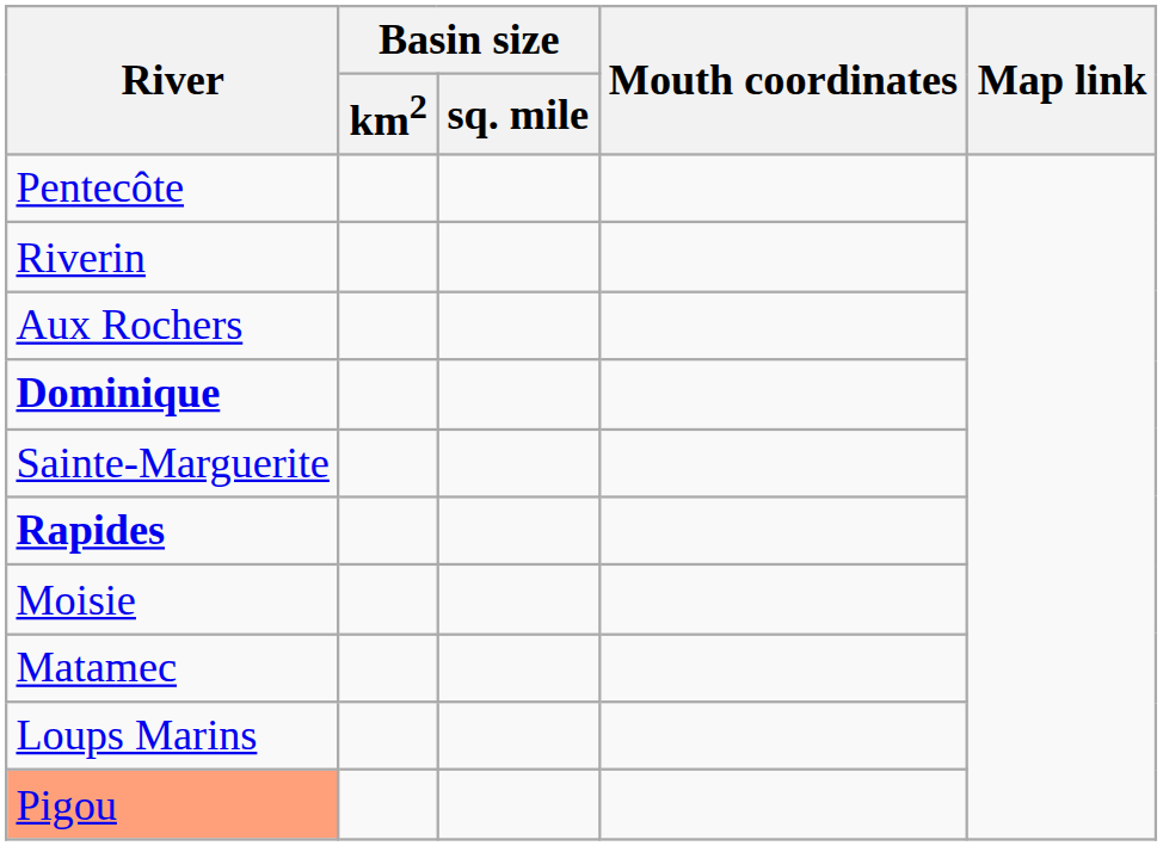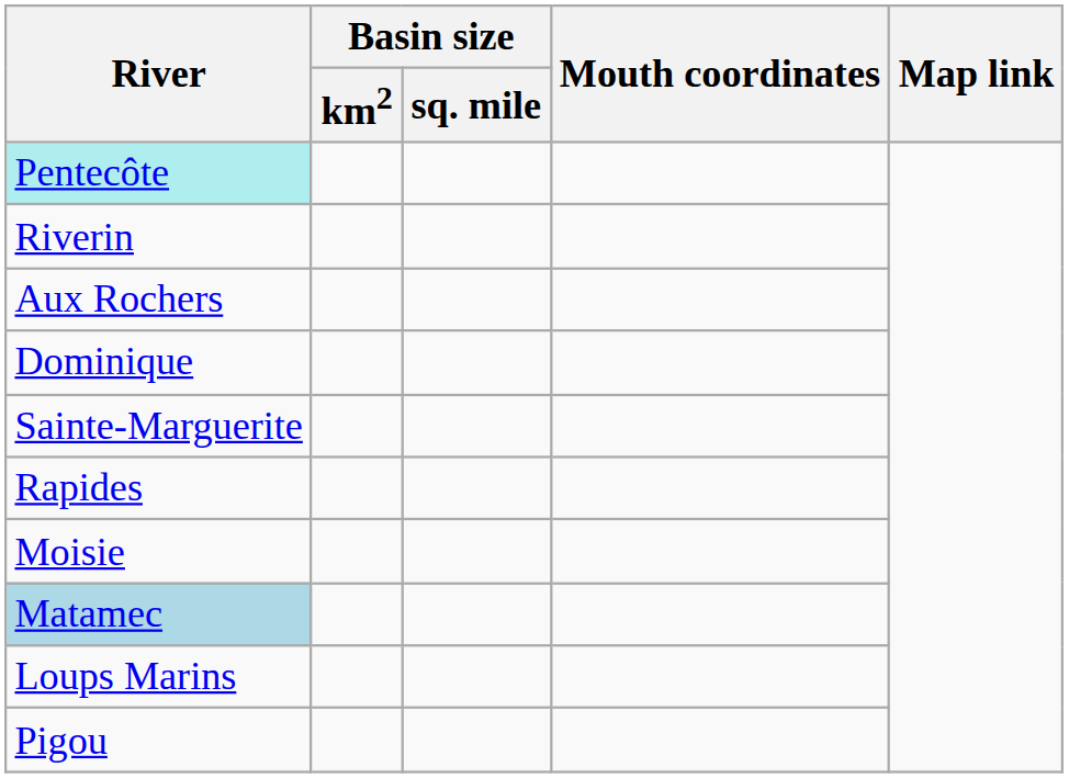 <table class="wikitable sortable">
 <tr>
 <th rowspan=2>River</th>
 <th colspan=2>Basin size</th>
 <th rowspan=2>Mouth coordinates</th>
 <th rowspan=2>Map link</th>
 </tr>
 <tr>
 <th>km<sup>2</sup></th>
 <th>sq. mile</th>
 </tr>
 <tr>
-<td><a href='#'>Pentecôte</a></td>
+<td style="background: paleturquoise;"><a href='#'>Pentecôte</a></td>
 <td></td>
 <td></td>
 <td></td>
 </tr>
 <tr>
 <td><a href='#'>Riverin</a></td>
 <td></td>
 <td></td>
 <td></td>
 </tr>
 <tr>
 <td><a href='#'>Aux Rochers</a></td>
 <td></td>
 <td></td>
 <td></td>
 </tr>
 <tr>
-<td><strong><a href='#'>Dominique</a></strong></td>
+<td><a href='#'>Dominique</a></td>
 <td></td>
 <td></td>
 <td></td>
 </tr>
 <tr>
 <td><a href='#'>Sainte-Marguerite</a></td>
 <td></td>
 <td></td>
 <td></td>
 </tr>
 <tr>
-<td><strong><a href='#'>Rapides</a></strong></td>
+<td><a href='#'>Rapides</a></td>
 <td></td>
 <td></td>
 <td></td>
 </tr>
 <tr>
 <td><a href='#'>Moisie</a></td>
 <td></td>
 <td></td>
 <td></td>
 </tr>
 <tr>
-<td><a href='#'>Matamec</a></td>
+<td style="background: lightblue;"><a href='#'>Matamec</a></td>
 <td></td>
 <td></td>
 <td></td>
 </tr>
 <tr>
 <td><a href='#'>Loups Marins</a></td>
 <td></td>
 <td></td>
 <td></td>
 </tr>
 <tr>
-<td style="background: lightsalmon;"><a href='#'>Pigou</a></td>
+<td><a href='#'>Pigou</a></td>
 <td></td>
 <td></td>
 <td></td>
 </tr>
 </table>
